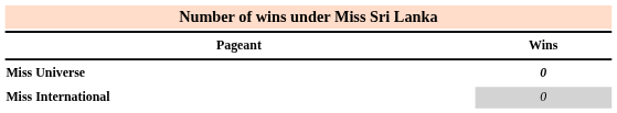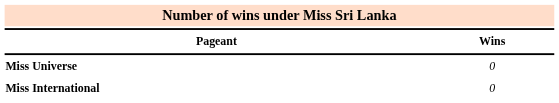 <table class="toccolours" style="width: 30em; float:right; margin-left:1em; font-size:80%; line-height:1.5em; width:30%;">
 <tr>
 <th colspan="3" style="text-align:center; background:#FFDDCA;"><big>Number of wins under Miss Sri Lanka</big></th>
 </tr>
 <tr>
 <td colspan="3" style="background:black"></td>
 </tr>
 <tr>
 <th scope="col">Pageant</th>
 <th scope="col">Wins</th>
 </tr>
 <tr>
 <td colspan="3" style="background:black"></td>
 </tr>
 <tr>
 <td style="text-align:left"><strong>Miss Universe</strong></td>
-<td style="text-align:center"><strong><em>0</em></strong></td>
+<td style="text-align:center"><em>0</em></td>
 </tr>
 <tr>
 <td style="text-align:left"><strong>Miss International</strong></td>
-<td style="background: lightgrey; text-align:center"><em>0</em></td>
+<td style="text-align:center"><em>0</em></td>
 </tr>
 <tr>
 </tr>
 </table>
